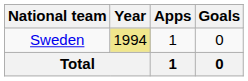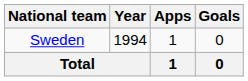 <table class="wikitable" style="text-align:center">
 <tr>
 <th>National team</th>
 <th>Year</th>
 <th>Apps</th>
 <th>Goals</th>
 </tr>
 <tr>
 <td><a href='#'>Sweden</a></td>
-<td style="background: khaki;">1994</td>
+<td>1994</td>
 <td>1</td>
 <td>0</td>
 </tr>
 <tr>
 <th colspan="2">Total</th>
 <th>1</th>
 <th>0</th>
 </tr>
 </table>
